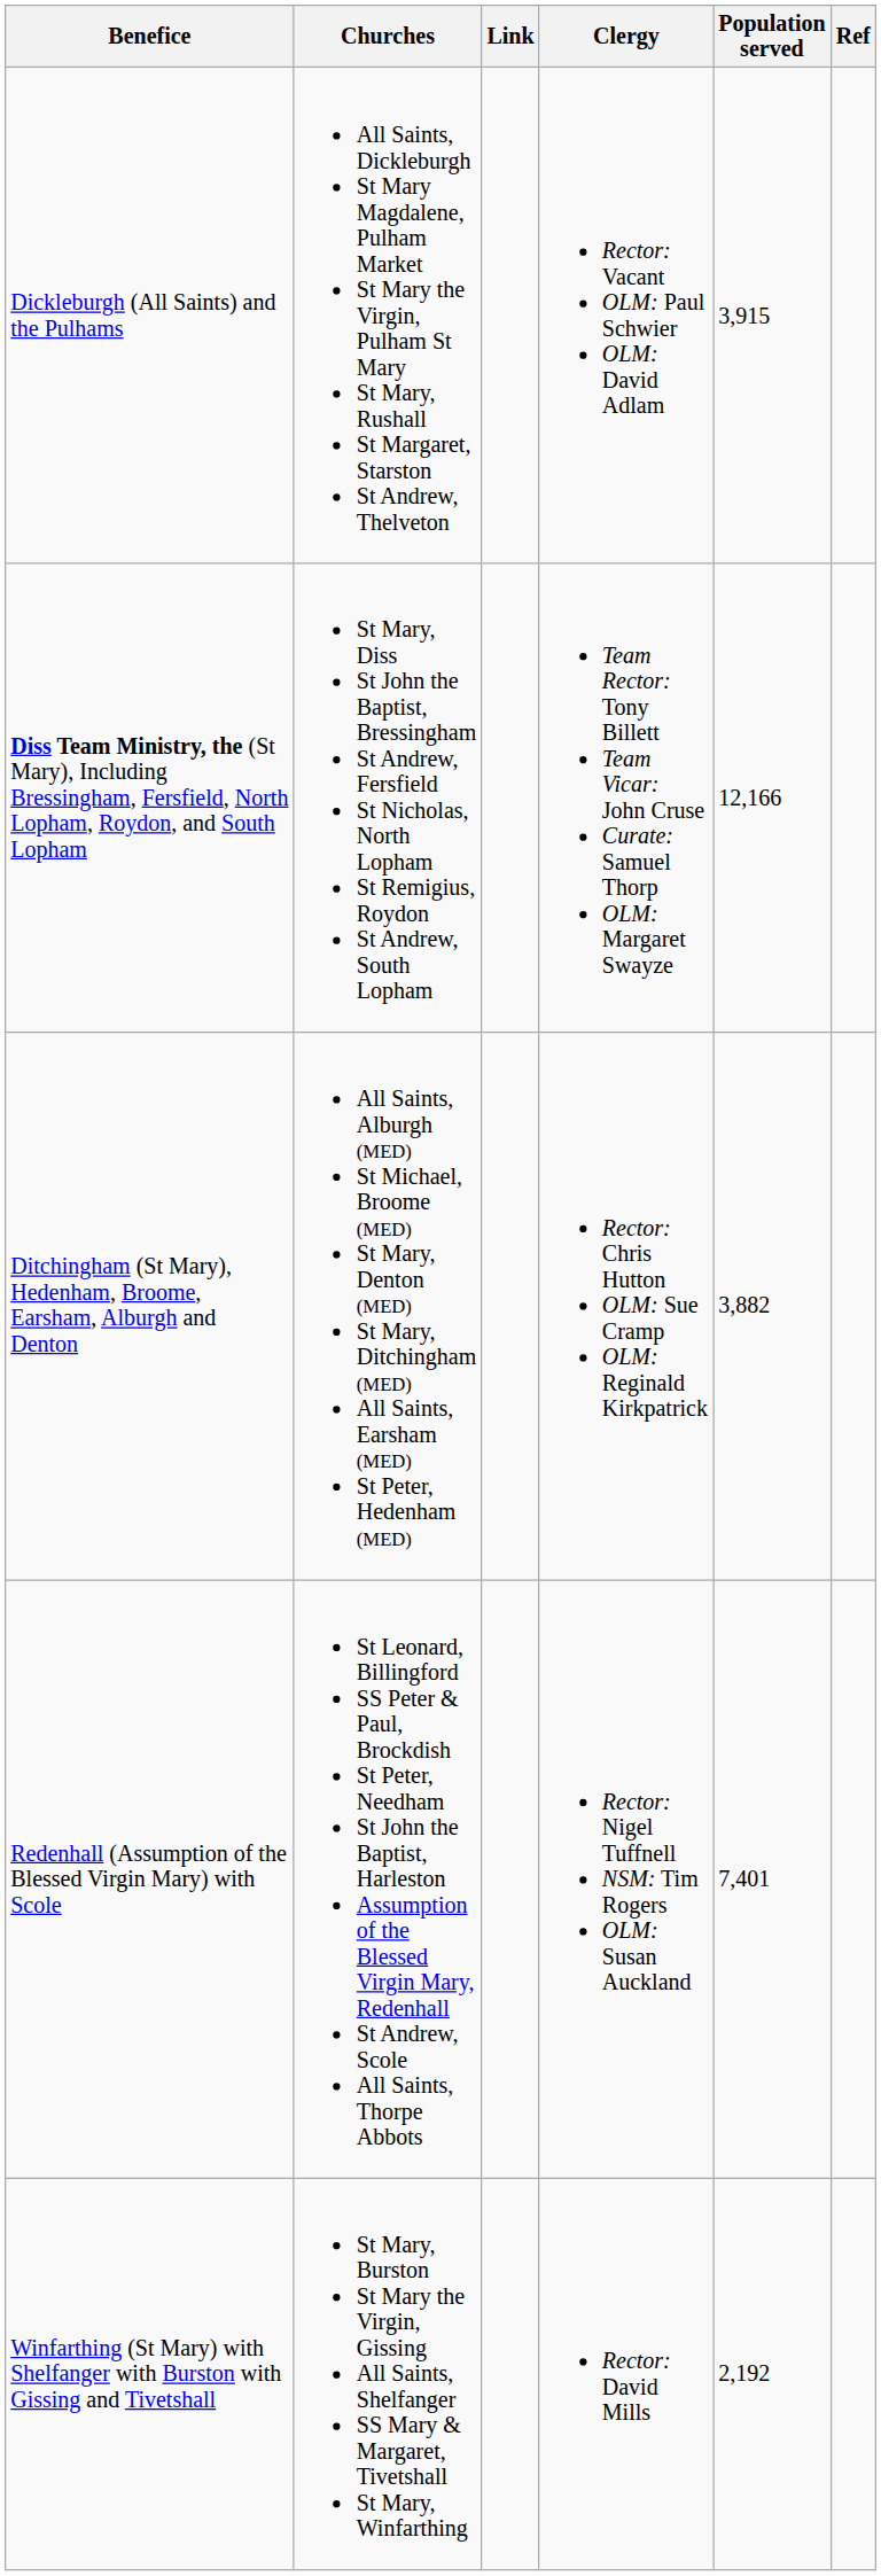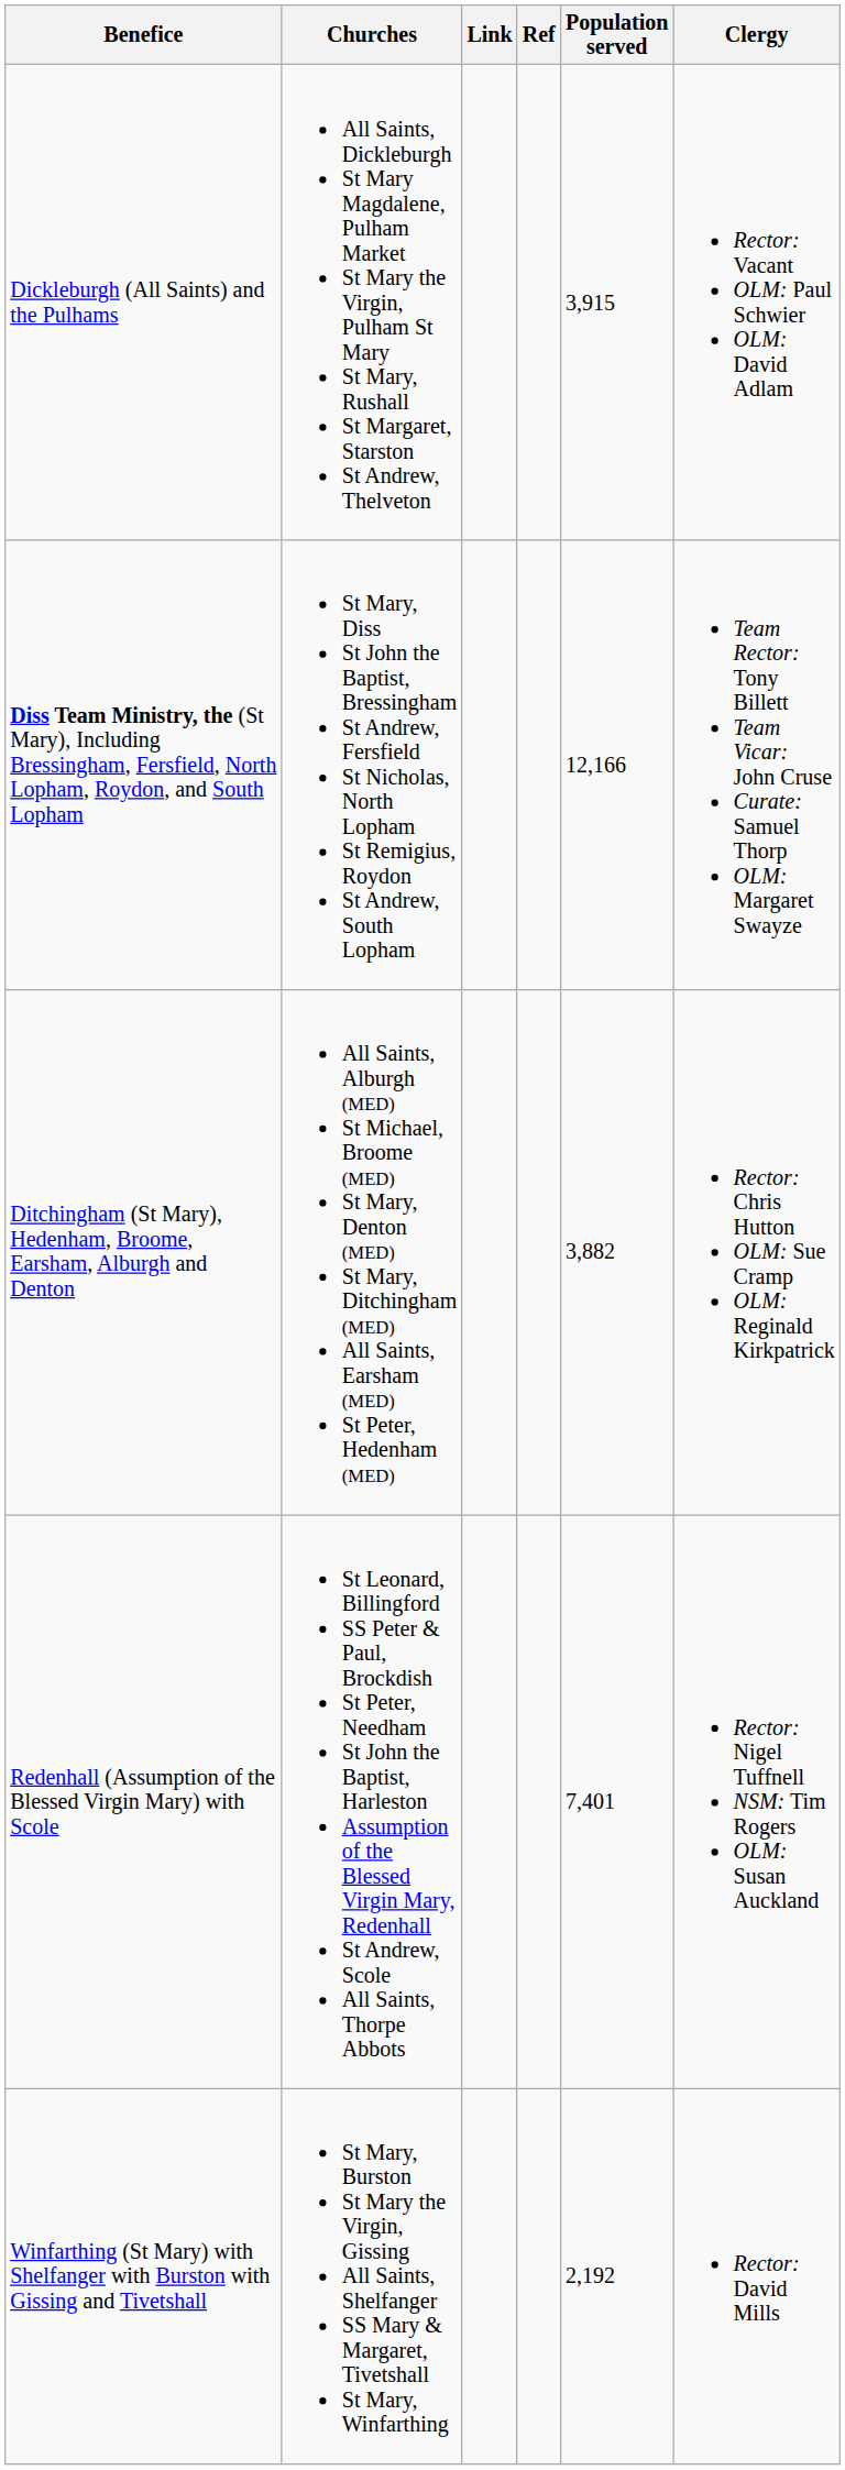 <table class="wikitable">
 <tr>
 <th width="425">Benefice</th>
 <th>Churches</th>
 <th>Link</th>
+<th>Ref</th>
+<th>Population served</th>
 <th>Clergy</th>
-<th>Population served</th>
-<th>Ref</th>
 </tr>
 <tr>
 <td><a href='#'>Dickleburgh</a> (All Saints) and <a href='#'>the Pulhams</a></td>
 <td><br><ul><li>All Saints, Dickleburgh</li><li>St Mary Magdalene, Pulham Market</li><li>St Mary the Virgin, Pulham St Mary</li><li>St Mary, Rushall</li><li>St Margaret, Starston</li><li>St Andrew, Thelveton</li></ul></td>
 <td></td>
+<td></td>
+<td>3,915</td>
 <td><br><ul><li><em>Rector:</em> Vacant</li><li><em>OLM:</em> Paul Schwier</li><li><em>OLM:</em> David Adlam</li></ul></td>
-<td>3,915</td>
-<td></td>
 </tr>
 <tr>
 <td><strong><a href='#'>Diss</a> Team Ministry, the</strong> (St Mary), Including <a href='#'>Bressingham</a>, <a href='#'>Fersfield</a>, <a href='#'>North Lopham</a>, <a href='#'>Roydon</a>, and <a href='#'>South Lopham</a></td>
 <td><br><ul><li>St Mary, Diss</li><li>St John the Baptist, Bressingham</li><li>St Andrew, Fersfield</li><li>St Nicholas, North Lopham</li><li>St Remigius, Roydon</li><li>St Andrew, South Lopham</li></ul></td>
 <td></td>
+<td></td>
+<td>12,166</td>
 <td><br><ul><li><em>Team Rector:</em> Tony Billett</li><li><em>Team Vicar:</em> John Cruse</li><li><em>Curate:</em> Samuel Thorp</li><li><em>OLM:</em> Margaret Swayze</li></ul></td>
-<td>12,166</td>
-<td></td>
 </tr>
 <tr>
 <td><a href='#'>Ditchingham</a> (St Mary), <a href='#'>Hedenham</a>, <a href='#'>Broome</a>, <a href='#'>Earsham</a>, <a href='#'>Alburgh</a> and <a href='#'>Denton</a></td>
 <td><br><ul><li>All Saints, Alburgh <small>(MED)</small></li><li>St Michael, Broome <small>(MED)</small></li><li>St Mary, Denton <small>(MED)</small></li><li>St Mary, Ditchingham <small>(MED)</small></li><li>All Saints, Earsham <small>(MED)</small></li><li>St Peter, Hedenham <small>(MED)</small></li></ul></td>
 <td></td>
+<td></td>
+<td>3,882</td>
 <td><br><ul><li><em>Rector:</em> Chris Hutton</li><li><em>OLM:</em> Sue Cramp</li><li><em>OLM:</em> Reginald Kirkpatrick</li></ul></td>
-<td>3,882</td>
-<td></td>
 </tr>
 <tr>
 <td><a href='#'>Redenhall</a> (Assumption of the Blessed Virgin Mary) with <a href='#'>Scole</a></td>
 <td><br><ul><li>St Leonard, Billingford</li><li>SS Peter & Paul, Brockdish</li><li>St Peter, Needham</li><li>St John the Baptist, Harleston</li><li><a href='#'>Assumption of the Blessed Virgin Mary, Redenhall</a></li><li>St Andrew, Scole</li><li>All Saints, Thorpe Abbots</li></ul></td>
 <td></td>
+<td></td>
+<td>7,401</td>
 <td><br><ul><li><em>Rector:</em> Nigel Tuffnell</li><li><em>NSM:</em> Tim Rogers</li><li><em>OLM:</em> Susan Auckland</li></ul></td>
-<td>7,401</td>
-<td></td>
 </tr>
 <tr>
 <td><a href='#'>Winfarthing</a> (St Mary) with <a href='#'>Shelfanger</a> with <a href='#'>Burston</a> with <a href='#'>Gissing</a> and <a href='#'>Tivetshall</a></td>
 <td><br><ul><li>St Mary, Burston</li><li>St Mary the Virgin, Gissing</li><li>All Saints, Shelfanger</li><li>SS Mary & Margaret, Tivetshall</li><li>St Mary, Winfarthing</li></ul></td>
 <td></td>
+<td></td>
+<td>2,192</td>
 <td><br><ul><li><em>Rector:</em> David Mills</li></ul></td>
-<td>2,192</td>
-<td></td>
 </tr>
 </table>
